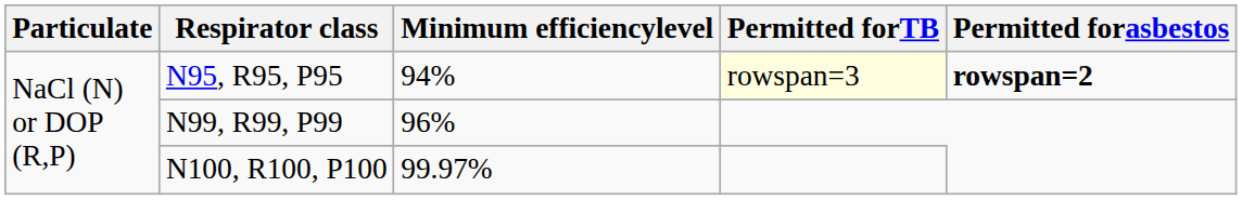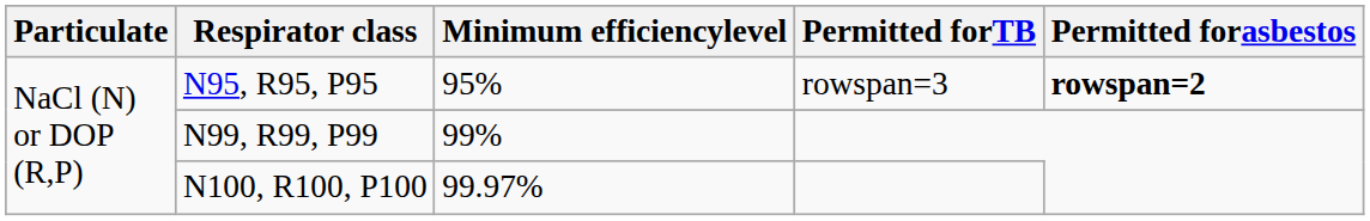 <table class="wikitable mw-collapsible nowrap">
 <tr>
 <th style="width: 50pt;">Particulate</th>
 <th>Respirator class</th>
 <th>Minimum efficiencylevel</th>
 <th>Permitted for<a href='#'>TB</a></th>
 <th>Permitted for<a href='#'>asbestos</a></th>
 </tr>
 <tr>
 <td rowspan=3>NaCl (N) or DOP (R,P)</td>
 <td><a href='#'>N95</a>, R95, P95</td>
-<td>94%</td>
-<td style="background: lightyellow;">rowspan=3 </td>
+<td>95%</td>
+<td>rowspan=3 </td>
 <td><strong>rowspan=2 </strong></td>
 </tr>
 <tr>
 <td>N99, R99, P99</td>
-<td>96%</td>
+<td>99%</td>
 </tr>
 <tr>
 <td>N100, R100, P100</td>
 <td>99.97%</td>
 <td></td>
 </tr>
 </table>
